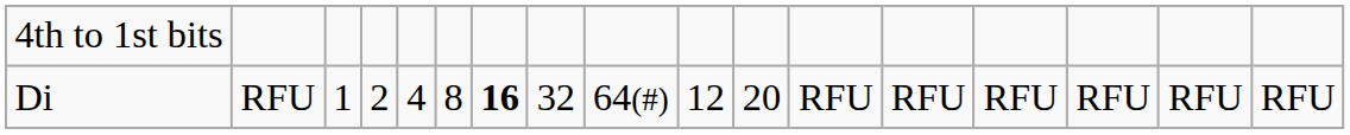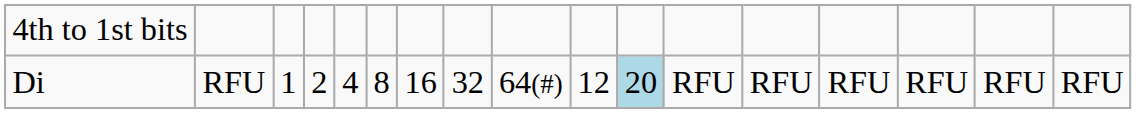 <table class="wikitable">
 <tr>
 <td>4th to 1st bits</td>
 <td></td>
 <td></td>
 <td></td>
 <td></td>
 <td></td>
 <td></td>
 <td></td>
 <td></td>
 <td></td>
 <td></td>
 <td></td>
 <td></td>
 <td></td>
 <td></td>
 <td></td>
 <td></td>
 </tr>
 <tr>
 <td>Di</td>
 <td>RFU</td>
 <td>1</td>
 <td>2</td>
 <td>4</td>
 <td>8</td>
-<td><strong>16</strong></td>
+<td>16</td>
 <td>32</td>
 <td>64<small>(#)</small></td>
 <td>12</td>
-<td>20</td>
+<td style="background: lightblue;">20</td>
 <td>RFU</td>
 <td>RFU</td>
 <td>RFU</td>
 <td>RFU</td>
 <td>RFU</td>
 <td>RFU</td>
 </tr>
 </table>
